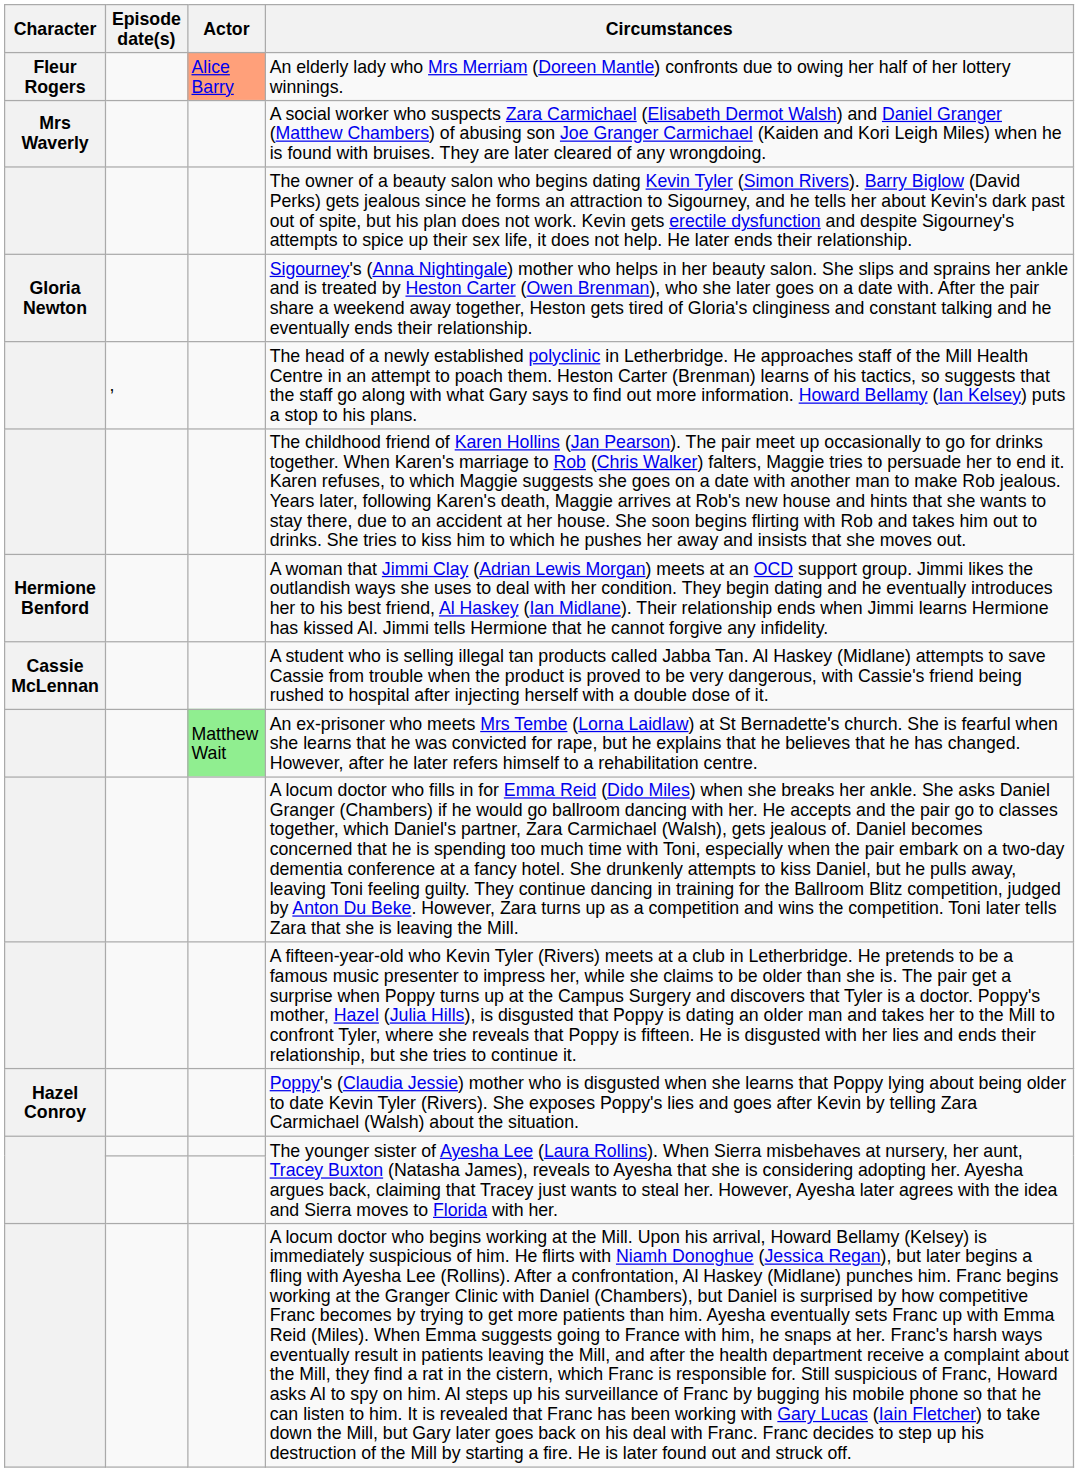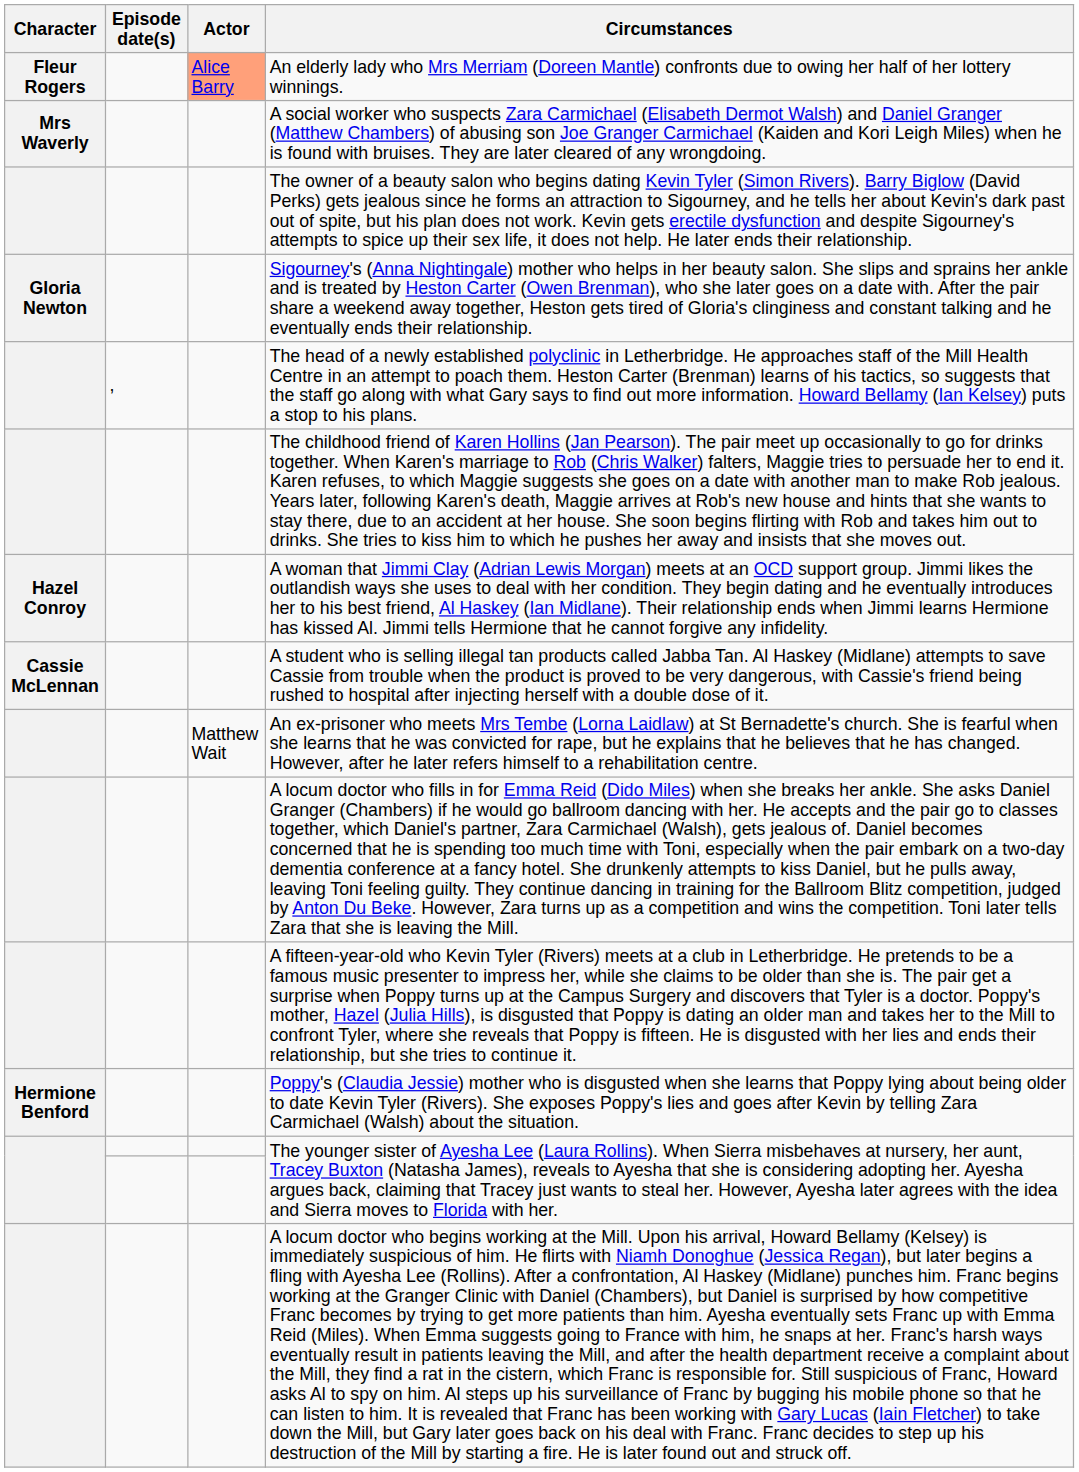 <table class="wikitable plainrowheaders" style="font-size:90%">
 <tr>
 <th scope="col">Character</th>
 <th scope="col">Episode date(s)</th>
 <th scope="col">Actor</th>
 <th scope="col">Circumstances</th>
 </tr>
 <tr>
 <th scope="row">Fleur Rogers </th>
 <td></td>
 <td style="background: lightsalmon;"><a href='#'>Alice Barry</a></td>
 <td>An elderly lady who <a href='#'>Mrs Merriam</a> (<a href='#'>Doreen Mantle</a>) confronts due to owing her half of her lottery winnings.</td>
 </tr>
 <tr>
 <th scope="row">Mrs Waverly </th>
 <td></td>
 <td></td>
 <td>A social worker who suspects <a href='#'>Zara Carmichael</a> (<a href='#'>Elisabeth Dermot Walsh</a>) and <a href='#'>Daniel Granger</a> (<a href='#'>Matthew Chambers</a>) of abusing son <a href='#'>Joe Granger Carmichael</a> (Kaiden and Kori Leigh Miles) when he is found with bruises. They are later cleared of any wrongdoing.</td>
 </tr>
 <tr>
 <th scope="row"> </th>
 <td></td>
 <td></td>
 <td>The owner of a beauty salon who begins dating <a href='#'>Kevin Tyler</a> (<a href='#'>Simon Rivers</a>). <a href='#'>Barry Biglow</a> (David Perks) gets jealous since he forms an attraction to Sigourney, and he tells her about Kevin's dark past out of spite, but his plan does not work. Kevin gets <a href='#'>erectile dysfunction</a> and despite Sigourney's attempts to spice up their sex life, it does not help. He later ends their relationship.</td>
 </tr>
 <tr>
 <th scope="row">Gloria Newton </th>
 <td></td>
 <td></td>
 <td><a href='#'>Sigourney</a>'s (<a href='#'>Anna Nightingale</a>) mother who helps in her beauty salon. She slips and sprains her ankle and is treated by <a href='#'>Heston Carter</a> (<a href='#'>Owen Brenman</a>), who she later goes on a date with. After the pair share a weekend away together, Heston gets tired of Gloria's clinginess and constant talking and he eventually ends their relationship.</td>
 </tr>
 <tr>
 <th scope="row"> </th>
 <td>,<br></td>
 <td></td>
 <td>The head of a newly established <a href='#'>polyclinic</a> in Letherbridge. He approaches staff of the Mill Health Centre in an attempt to poach them. Heston Carter (Brenman) learns of his tactics, so suggests that the staff go along with what Gary says to find out more information. <a href='#'>Howard Bellamy</a> (<a href='#'>Ian Kelsey</a>) puts a stop to his plans.</td>
 </tr>
 <tr>
 <th scope="row"> </th>
 <td><br><br><br><br> <br> </td>
 <td></td>
 <td>The childhood friend of <a href='#'>Karen Hollins</a> (<a href='#'>Jan Pearson</a>). The pair meet up occasionally to go for drinks together. When Karen's marriage to <a href='#'>Rob</a> (<a href='#'>Chris Walker</a>) falters, Maggie tries to persuade her to end it. Karen refuses, to which Maggie suggests she goes on a date with another man to make Rob jealous. Years later, following Karen's death, Maggie arrives at Rob's new house and hints that she wants to stay there, due to an accident at her house. She soon begins flirting with Rob and takes him out to drinks. She tries to kiss him to which he pushes her away and insists that she moves out.</td>
 </tr>
 <tr>
-<th scope="row">Hermione Benford </th>
+<th scope="row">Hazel Conroy </th>
 <td></td>
 <td></td>
 <td>A woman that <a href='#'>Jimmi Clay</a> (<a href='#'>Adrian Lewis Morgan</a>) meets at an <a href='#'>OCD</a> support group. Jimmi likes the outlandish ways she uses to deal with her condition. They begin dating and he eventually introduces her to his best friend, <a href='#'>Al Haskey</a> (<a href='#'>Ian Midlane</a>). Their relationship ends when Jimmi learns Hermione has kissed Al. Jimmi tells Hermione that he cannot forgive any infidelity.</td>
 </tr>
 <tr>
 <th scope="row">Cassie McLennan </th>
 <td></td>
 <td></td>
 <td>A student who is selling illegal tan products called Jabba Tan. Al Haskey (Midlane) attempts to save Cassie from trouble when the product is proved to be very dangerous, with Cassie's friend being rushed to hospital after injecting herself with a double dose of it.</td>
 </tr>
 <tr>
 <th scope="row"> </th>
 <td></td>
-<td {{nowrap style="background: lightgreen;">Matthew Wait</td>
+<td {{nowrap>Matthew Wait</td>
 <td>An ex-prisoner who meets <a href='#'>Mrs Tembe</a> (<a href='#'>Lorna Laidlaw</a>) at St Bernadette's church. She is fearful when she learns that he was convicted for rape, but he explains that he believes that he has changed. However, after he later refers himself to a rehabilitation centre.</td>
 </tr>
 <tr>
 <th scope="row"> </th>
 <td></td>
 <td></td>
 <td>A locum doctor who fills in for <a href='#'>Emma Reid</a> (<a href='#'>Dido Miles</a>) when she breaks her ankle. She asks Daniel Granger (Chambers) if he would go ballroom dancing with her. He accepts and the pair go to classes together, which Daniel's partner, Zara Carmichael (Walsh), gets jealous of. Daniel becomes concerned that he is spending too much time with Toni, especially when the pair embark on a two-day dementia conference at a fancy hotel. She drunkenly attempts to kiss Daniel, but he pulls away, leaving Toni feeling guilty. They continue dancing in training for the Ballroom Blitz competition, judged by <a href='#'>Anton Du Beke</a>. However, Zara turns up as a competition and wins the competition. Toni later tells Zara that she is leaving the Mill.</td>
 </tr>
 <tr>
 <th scope="row"> </th>
 <td></td>
 <td></td>
 <td>A fifteen-year-old who Kevin Tyler (Rivers) meets at a club in Letherbridge. He pretends to be a famous music presenter to impress her, while she claims to be older than she is. The pair get a surprise when Poppy turns up at the Campus Surgery and discovers that Tyler is a doctor. Poppy's mother, <a href='#'>Hazel</a> (<a href='#'>Julia Hills</a>), is disgusted that Poppy is dating an older man and takes her to the Mill to confront Tyler, where she reveals that Poppy is fifteen. He is disgusted with her lies and ends their relationship, but she tries to continue it.</td>
 </tr>
 <tr>
-<th scope="row">Hazel Conroy </th>
+<th scope="row">Hermione Benford </th>
 <td></td>
 <td></td>
 <td><a href='#'>Poppy</a>'s (<a href='#'>Claudia Jessie</a>) mother who is disgusted when she learns that Poppy lying about being older to date Kevin Tyler (Rivers). She exposes Poppy's lies and goes after Kevin by telling Zara Carmichael (Walsh) about the situation.</td>
 </tr>
 <tr>
 <th scope="row" rowspan="2"> </th>
 <td></td>
 <td></td>
 <td rowspan="2">The younger sister of <a href='#'>Ayesha Lee</a> (<a href='#'>Laura Rollins</a>). When Sierra misbehaves at nursery, her aunt, <a href='#'>Tracey Buxton</a> (Natasha James), reveals to Ayesha that she is considering adopting her. Ayesha argues back, claiming that Tracey just wants to steal her. However, Ayesha later agrees with the idea and Sierra moves to <a href='#'>Florida</a> with her.</td>
 </tr>
 <tr>
 <td><br></td>
 <td></td>
 </tr>
 <tr>
 <th scope="row"> </th>
 <td></td>
 <td></td>
 <td>A locum doctor who begins working at the Mill. Upon his arrival, Howard Bellamy (Kelsey) is immediately suspicious of him. He flirts with <a href='#'>Niamh Donoghue</a> (<a href='#'>Jessica Regan</a>), but later begins a fling with Ayesha Lee (Rollins). After a confrontation, Al Haskey (Midlane) punches him. Franc begins working at the Granger Clinic with Daniel (Chambers), but Daniel is surprised by how competitive Franc becomes by trying to get more patients than him. Ayesha eventually sets Franc up with Emma Reid (Miles). When Emma suggests going to France with him, he snaps at her. Franc's harsh ways eventually result in patients leaving the Mill, and after the health department receive a complaint about the Mill, they find a rat in the cistern, which Franc is responsible for. Still suspicious of Franc, Howard asks Al to spy on him. Al steps up his surveillance of Franc by bugging his mobile phone so that he can listen to him. It is revealed that Franc has been working with <a href='#'>Gary Lucas</a> (<a href='#'>Iain Fletcher</a>) to take down the Mill, but Gary later goes back on his deal with Franc. Franc decides to step up his destruction of the Mill by starting a fire. He is later found out and struck off.</td>
 </tr>
 </table>
